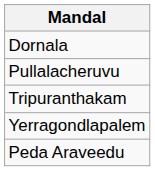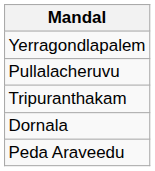 <table class="wikitable sortable static-row-numbers static-row-header-hash">
 <tr>
 <th>Mandal</th>
 </tr>
 <tr>
-<td>Dornala</td>
+<td>Yerragondlapalem</td>
 </tr>
 <tr>
 <td>Pullalacheruvu</td>
 </tr>
 <tr>
 <td>Tripuranthakam</td>
 </tr>
 <tr>
-<td>Yerragondlapalem</td>
+<td>Dornala</td>
 </tr>
 <tr>
 <td>Peda Araveedu</td>
 </tr>
 </table>
